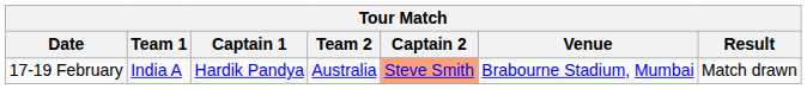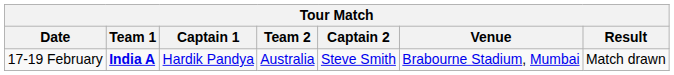 <table class="wikitable">
 <tr>
 <th colspan="7">Tour Match</th>
 </tr>
 <tr>
 <th>Date</th>
 <th>Team 1</th>
 <th>Captain 1</th>
 <th>Team 2</th>
 <th>Captain 2</th>
 <th>Venue</th>
 <th>Result</th>
 </tr>
 <tr>
 <td>17-19 February</td>
-<td><a href='#'>India A</a></td>
+<td><strong><a href='#'>India A</a></strong></td>
 <td><a href='#'>Hardik Pandya</a></td>
 <td><a href='#'>Australia</a></td>
-<td style="background: lightsalmon;"><a href='#'>Steve Smith</a></td>
+<td><a href='#'>Steve Smith</a></td>
 <td><a href='#'>Brabourne Stadium</a>, <a href='#'>Mumbai</a></td>
 <td>Match drawn</td>
 </tr>
 </table>
